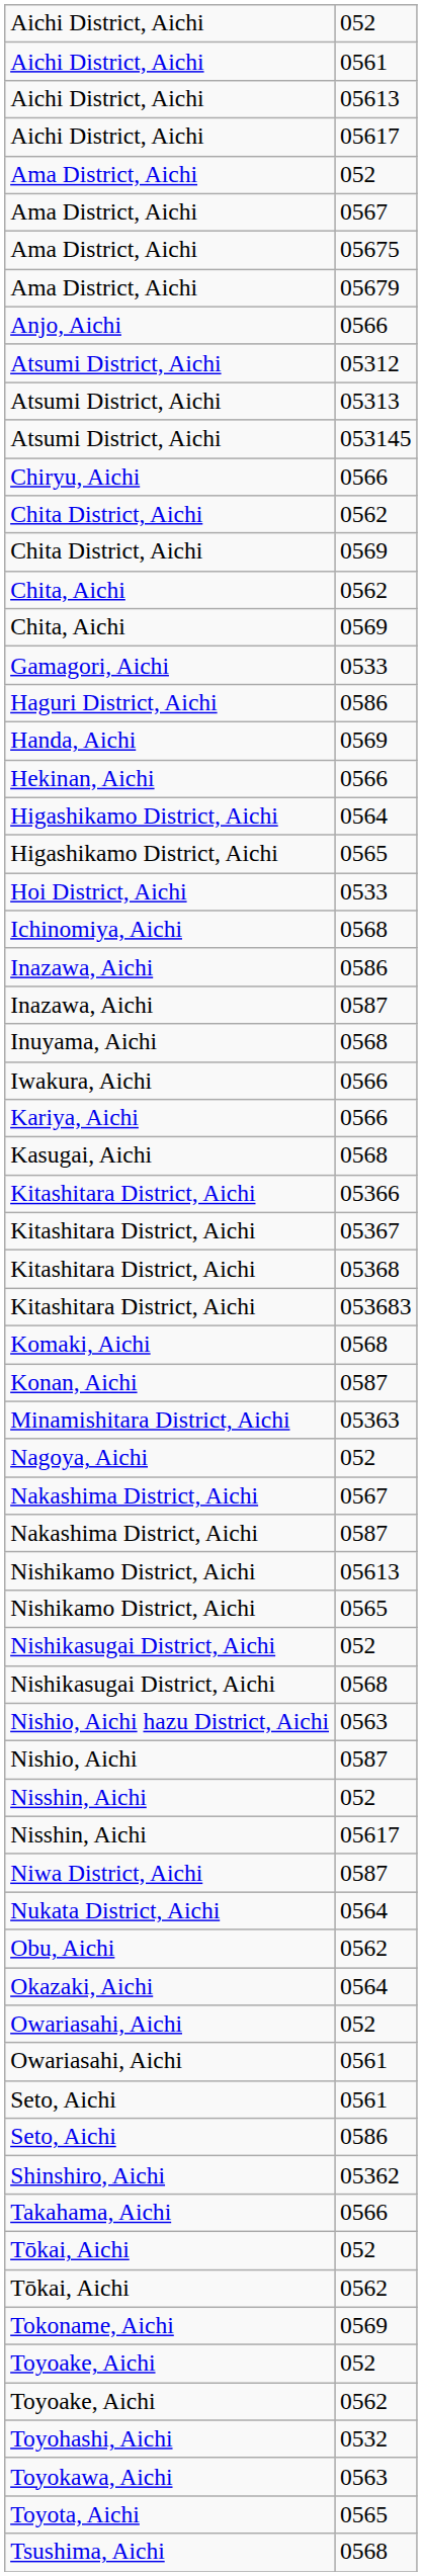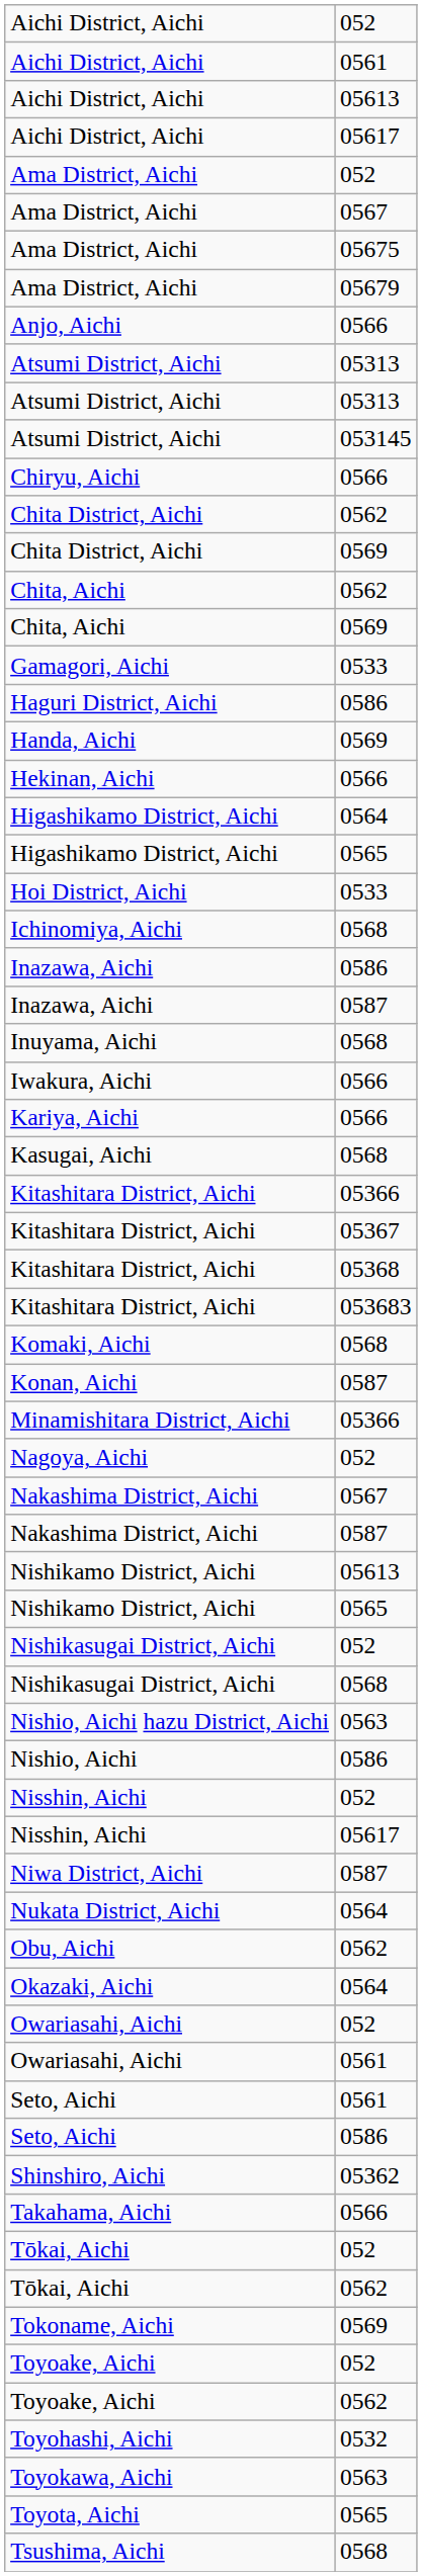 <table class="wikitable">
 <tr>
 <td>Aichi District, Aichi</td>
 <td>052</td>
 </tr>
 <tr>
 <td><a href='#'>Aichi District, Aichi</a></td>
 <td>0561</td>
 </tr>
 <tr>
 <td>Aichi District, Aichi</td>
 <td>05613</td>
 </tr>
 <tr>
 <td>Aichi District, Aichi</td>
 <td>05617</td>
 </tr>
 <tr>
 <td><a href='#'>Ama District, Aichi</a></td>
 <td>052</td>
 </tr>
 <tr>
 <td>Ama District, Aichi</td>
 <td>0567</td>
 </tr>
 <tr>
 <td>Ama District, Aichi</td>
 <td>05675</td>
 </tr>
 <tr>
 <td>Ama District, Aichi</td>
 <td>05679</td>
 </tr>
 <tr>
 <td><a href='#'>Anjo, Aichi</a></td>
 <td>0566</td>
 </tr>
 <tr>
 <td><a href='#'>Atsumi District, Aichi</a></td>
-<td>05312</td>
+<td>05313</td>
 </tr>
 <tr>
 <td>Atsumi District, Aichi</td>
 <td>05313</td>
 </tr>
 <tr>
 <td>Atsumi District, Aichi</td>
 <td>053145</td>
 </tr>
 <tr>
 <td><a href='#'>Chiryu, Aichi</a></td>
 <td>0566</td>
 </tr>
 <tr>
 <td><a href='#'>Chita District, Aichi</a></td>
 <td>0562</td>
 </tr>
 <tr>
 <td>Chita District, Aichi</td>
 <td>0569</td>
 </tr>
 <tr>
 <td><a href='#'>Chita, Aichi</a></td>
 <td>0562</td>
 </tr>
 <tr>
 <td>Chita, Aichi</td>
 <td>0569</td>
 </tr>
 <tr>
 <td><a href='#'>Gamagori, Aichi</a></td>
 <td>0533</td>
 </tr>
 <tr>
 <td><a href='#'>Haguri District, Aichi</a></td>
 <td>0586</td>
 </tr>
 <tr>
 <td><a href='#'>Handa, Aichi</a></td>
 <td>0569</td>
 </tr>
 <tr>
 <td><a href='#'>Hekinan, Aichi</a></td>
 <td>0566</td>
 </tr>
 <tr>
 <td><a href='#'>Higashikamo District, Aichi</a></td>
 <td>0564</td>
 </tr>
 <tr>
 <td>Higashikamo District, Aichi</td>
 <td>0565</td>
 </tr>
 <tr>
 <td><a href='#'>Hoi District, Aichi</a></td>
 <td>0533</td>
 </tr>
 <tr>
 <td><a href='#'>Ichinomiya, Aichi</a></td>
 <td>0568</td>
 </tr>
 <tr>
 <td><a href='#'>Inazawa, Aichi</a></td>
 <td>0586</td>
 </tr>
 <tr>
 <td>Inazawa, Aichi</td>
 <td>0587</td>
 </tr>
 <tr>
 <td>Inuyama, Aichi</td>
 <td>0568</td>
 </tr>
 <tr>
 <td>Iwakura, Aichi</td>
 <td>0566</td>
 </tr>
 <tr>
 <td><a href='#'>Kariya, Aichi</a></td>
 <td>0566</td>
 </tr>
 <tr>
 <td>Kasugai, Aichi</td>
 <td>0568</td>
 </tr>
 <tr>
 <td><a href='#'>Kitashitara District, Aichi</a></td>
 <td>05366</td>
 </tr>
 <tr>
 <td>Kitashitara District, Aichi</td>
 <td>05367</td>
 </tr>
 <tr>
 <td>Kitashitara District, Aichi</td>
 <td>05368</td>
 </tr>
 <tr>
 <td>Kitashitara District, Aichi</td>
 <td>053683</td>
 </tr>
 <tr>
 <td><a href='#'>Komaki, Aichi</a></td>
 <td>0568</td>
 </tr>
 <tr>
 <td><a href='#'>Konan, Aichi</a></td>
 <td>0587</td>
 </tr>
 <tr>
 <td><a href='#'>Minamishitara District, Aichi</a></td>
-<td>05363</td>
+<td>05366</td>
 </tr>
 <tr>
 <td><a href='#'>Nagoya, Aichi</a></td>
 <td>052</td>
 </tr>
 <tr>
 <td><a href='#'>Nakashima District, Aichi</a></td>
 <td>0567</td>
 </tr>
 <tr>
 <td>Nakashima District, Aichi</td>
 <td>0587</td>
 </tr>
 <tr>
 <td>Nishikamo District, Aichi</td>
 <td>05613</td>
 </tr>
 <tr>
 <td>Nishikamo District, Aichi</td>
 <td>0565</td>
 </tr>
 <tr>
 <td><a href='#'>Nishikasugai District, Aichi</a></td>
 <td>052</td>
 </tr>
 <tr>
 <td>Nishikasugai District, Aichi</td>
 <td>0568</td>
 </tr>
 <tr>
 <td><a href='#'>Nishio, Aichi</a> <a href='#'>hazu District, Aichi</a></td>
 <td>0563</td>
 </tr>
 <tr>
 <td>Nishio, Aichi</td>
-<td>0587</td>
+<td>0586</td>
 </tr>
 <tr>
 <td><a href='#'>Nisshin, Aichi</a></td>
 <td>052</td>
 </tr>
 <tr>
 <td>Nisshin, Aichi</td>
 <td>05617</td>
 </tr>
 <tr>
 <td><a href='#'>Niwa District, Aichi</a></td>
 <td>0587</td>
 </tr>
 <tr>
 <td><a href='#'>Nukata District, Aichi</a></td>
 <td>0564</td>
 </tr>
 <tr>
 <td><a href='#'>Obu, Aichi</a></td>
 <td>0562</td>
 </tr>
 <tr>
 <td><a href='#'>Okazaki, Aichi</a></td>
 <td>0564</td>
 </tr>
 <tr>
 <td><a href='#'>Owariasahi, Aichi</a></td>
 <td>052</td>
 </tr>
 <tr>
 <td>Owariasahi, Aichi</td>
 <td>0561</td>
 </tr>
 <tr>
 <td>Seto, Aichi</td>
 <td>0561</td>
 </tr>
 <tr>
 <td><a href='#'>Seto, Aichi</a></td>
 <td>0586</td>
 </tr>
 <tr>
 <td><a href='#'>Shinshiro, Aichi</a></td>
 <td>05362</td>
 </tr>
 <tr>
 <td><a href='#'>Takahama, Aichi</a></td>
 <td>0566</td>
 </tr>
 <tr>
 <td><a href='#'>Tōkai, Aichi</a></td>
 <td>052</td>
 </tr>
 <tr>
 <td>Tōkai, Aichi</td>
 <td>0562</td>
 </tr>
 <tr>
 <td><a href='#'>Tokoname, Aichi</a></td>
 <td>0569</td>
 </tr>
 <tr>
 <td><a href='#'>Toyoake, Aichi</a></td>
 <td>052</td>
 </tr>
 <tr>
 <td>Toyoake, Aichi</td>
 <td>0562</td>
 </tr>
 <tr>
 <td><a href='#'>Toyohashi, Aichi</a></td>
 <td>0532</td>
 </tr>
 <tr>
 <td><a href='#'>Toyokawa, Aichi</a></td>
 <td>0563</td>
 </tr>
 <tr>
 <td><a href='#'>Toyota, Aichi</a></td>
 <td>0565</td>
 </tr>
 <tr>
 <td><a href='#'>Tsushima, Aichi</a></td>
 <td>0568</td>
 </tr>
 </table>
